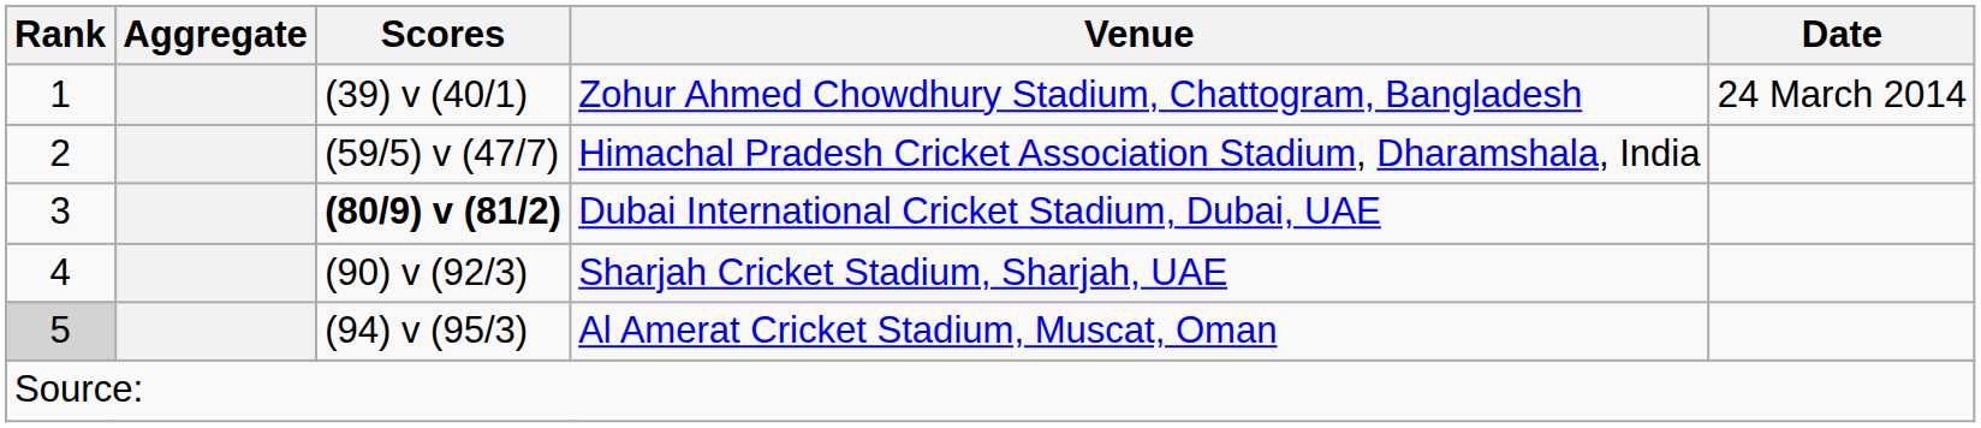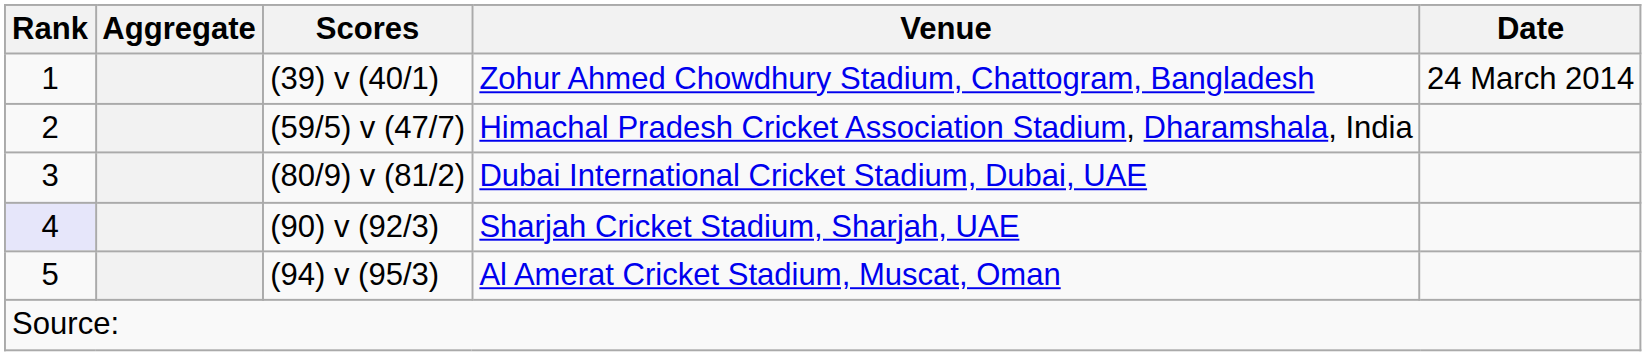 <table class="wikitable plainrowheaders sortable">
 <tr>
 <th scope="col">Rank</th>
 <th scope="col">Aggregate</th>
 <th scope="col">Scores</th>
 <th scope="col">Venue</th>
 <th scope="col">Date</th>
 </tr>
 <tr>
 <td align="center">1</td>
 <th scope="row" style="text-align:center;"></th>
 <td> (39) v  (40/1)</td>
 <td><a href='#'>Zohur Ahmed Chowdhury Stadium, Chattogram, Bangladesh</a></td>
 <td>24 March 2014 </td>
 </tr>
 <tr>
 <td align="center">2</td>
 <th scope="row" style="text-align:center;"></th>
 <td> (59/5) v  (47/7)</td>
 <td><a href='#'>Himachal Pradesh Cricket Association Stadium</a>, <a href='#'>Dharamshala</a>, India</td>
 <td> </td>
 </tr>
 <tr>
 <td align="center">3</td>
 <th scope="row" style="text-align:center;"></th>
-<td><strong> (80/9) v  (81/2)</strong></td>
+<td> (80/9) v  (81/2)</td>
 <td><a href='#'>Dubai International Cricket Stadium, Dubai, UAE</a></td>
 <td></td>
 </tr>
 <tr>
-<td align="center">4</td>
+<td align="center" style="background: lavender;">4</td>
 <th scope="row" style="text-align:center;"></th>
 <td> (90) v  (92/3)</td>
 <td><a href='#'>Sharjah Cricket Stadium, Sharjah, UAE</a></td>
 <td></td>
 </tr>
 <tr>
-<td align="center" style="background: lightgrey;">5</td>
+<td align="center">5</td>
 <th scope="row" style="text-align:center;"></th>
 <td> (94) v  (95/3)</td>
 <td><a href='#'>Al Amerat Cricket Stadium, Muscat, Oman</a></td>
 <td></td>
 </tr>
 <tr>
 <td colspan="5">Source: </td>
 </tr>
 </table>
